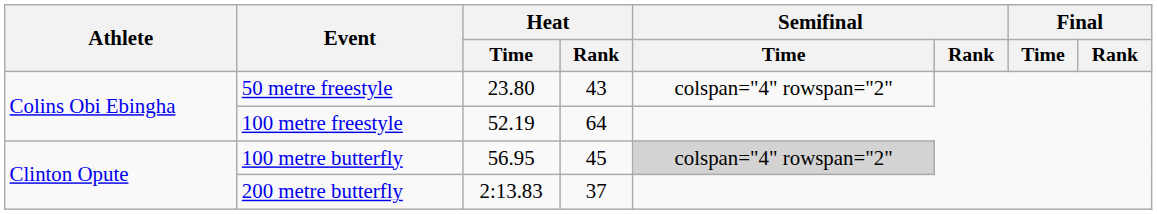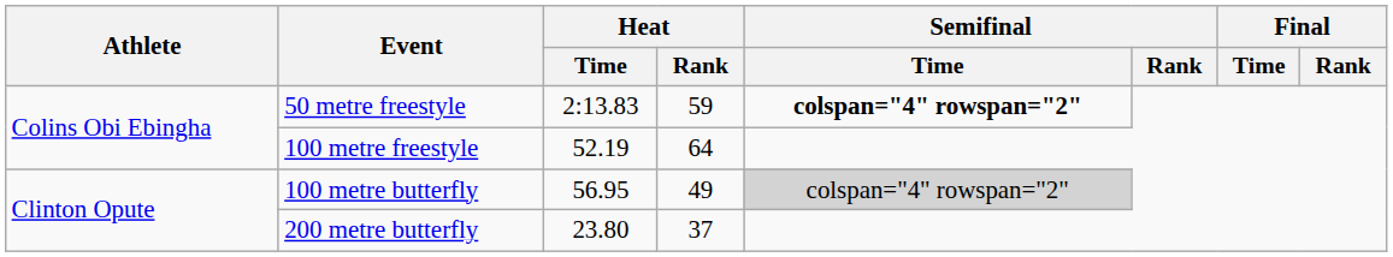 <table class="wikitable" style="text-align:center; font-size:90%; width:50%;">
 <tr>
 <th rowspan="2">Athlete</th>
 <th rowspan="2">Event</th>
 <th colspan="2">Heat</th>
 <th colspan="2">Semifinal</th>
 <th colspan="2">Final</th>
 </tr>
 <tr style="font-size:95%">
 <th>Time</th>
 <th>Rank</th>
 <th>Time</th>
 <th>Rank</th>
 <th>Time</th>
 <th>Rank</th>
 </tr>
 <tr align=center>
 <td align=left rowspan="2"><a href='#'>Colins Obi Ebingha </a></td>
 <td align=left><a href='#'>50 metre freestyle</a></td>
-<td>23.80</td>
-<td>43</td>
-<td>colspan="4" rowspan="2"</td>
+<td>2:13.83</td>
+<td>59</td>
+<td><strong>colspan="4" rowspan="2"</strong></td>
 </tr>
 <tr align=center>
 <td align=left><a href='#'>100 metre freestyle</a></td>
 <td>52.19</td>
 <td>64</td>
 </tr>
 <tr align=center>
 <td align=left rowspan="2"><a href='#'>Clinton Opute</a></td>
 <td align=left><a href='#'>100 metre butterfly</a></td>
 <td>56.95</td>
-<td>45</td>
+<td>49</td>
 <td style="background: lightgrey;">colspan="4" rowspan="2"</td>
 </tr>
 <tr align=center>
 <td align=left><a href='#'>200 metre butterfly</a></td>
-<td>2:13.83</td>
+<td>23.80</td>
 <td>37</td>
 </tr>
 </table>
